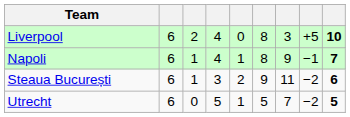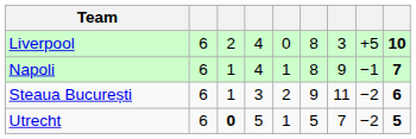 <table class="wikitable" style="text-align: center;">
 <tr>
 <th width=175>Team</th>
 <th width=20></th>
 <th width=20></th>
 <th width=20></th>
 <th width=20></th>
 <th width=20></th>
 <th width=20></th>
 <th width=20></th>
 <th width=20></th>
 </tr>
 <tr bgcolor=#ccffcc>
 <td align=left> <a href='#'>Liverpool</a></td>
 <td>6</td>
 <td>2</td>
 <td>4</td>
 <td>0</td>
 <td>8</td>
 <td>3</td>
 <td>+5</td>
 <td><strong>10</strong></td>
 </tr>
 <tr bgcolor=#ccffcc>
 <td align=left> <a href='#'>Napoli</a></td>
 <td>6</td>
 <td>1</td>
 <td>4</td>
 <td>1</td>
 <td>8</td>
 <td>9</td>
 <td>−1</td>
 <td><strong>7</strong></td>
 </tr>
 <tr>
 <td align=left> <a href='#'>Steaua București</a></td>
 <td>6</td>
 <td>1</td>
 <td>3</td>
 <td>2</td>
 <td>9</td>
 <td>11</td>
 <td>−2</td>
 <td><strong>6</strong></td>
 </tr>
 <tr>
 <td align=left> <a href='#'>Utrecht</a></td>
 <td>6</td>
-<td>0</td>
+<td><strong>0</strong></td>
 <td>5</td>
 <td>1</td>
 <td>5</td>
 <td>7</td>
 <td>−2</td>
 <td><strong>5</strong></td>
 </tr>
 </table>
